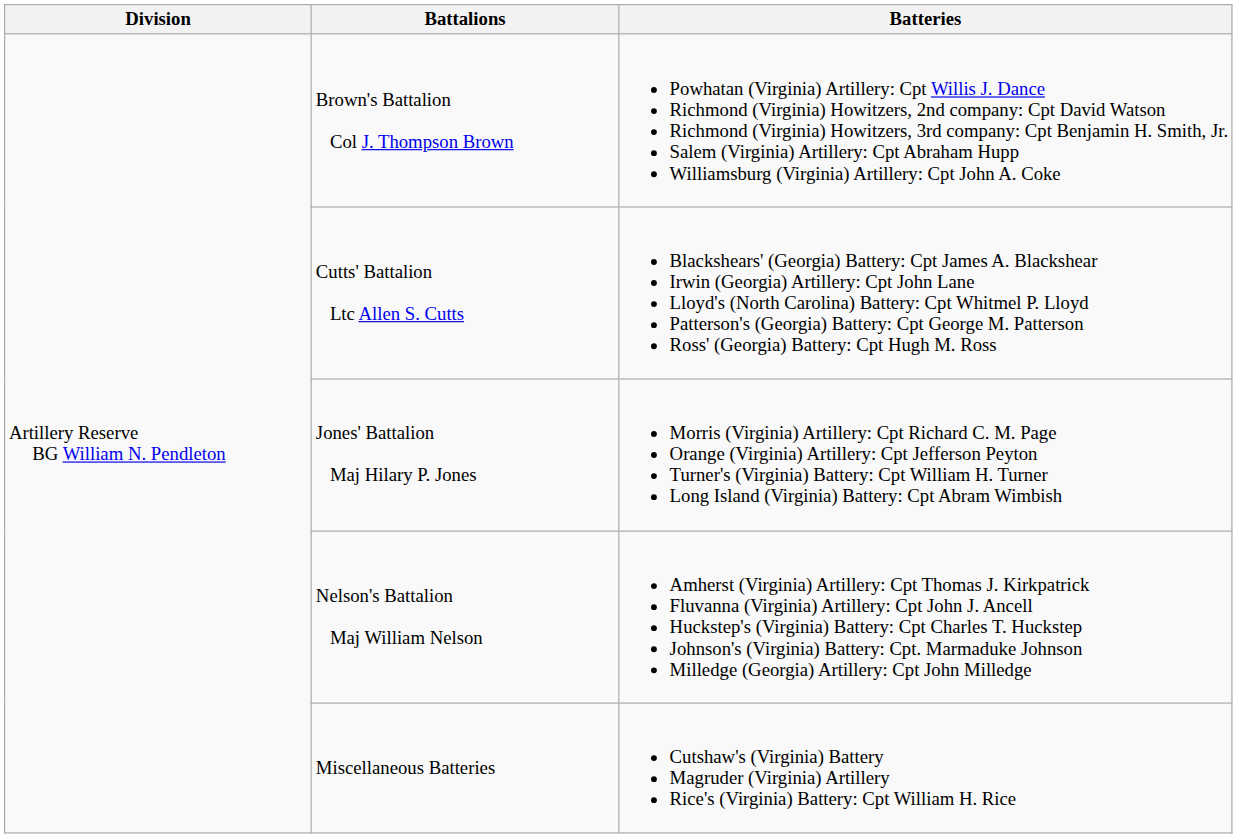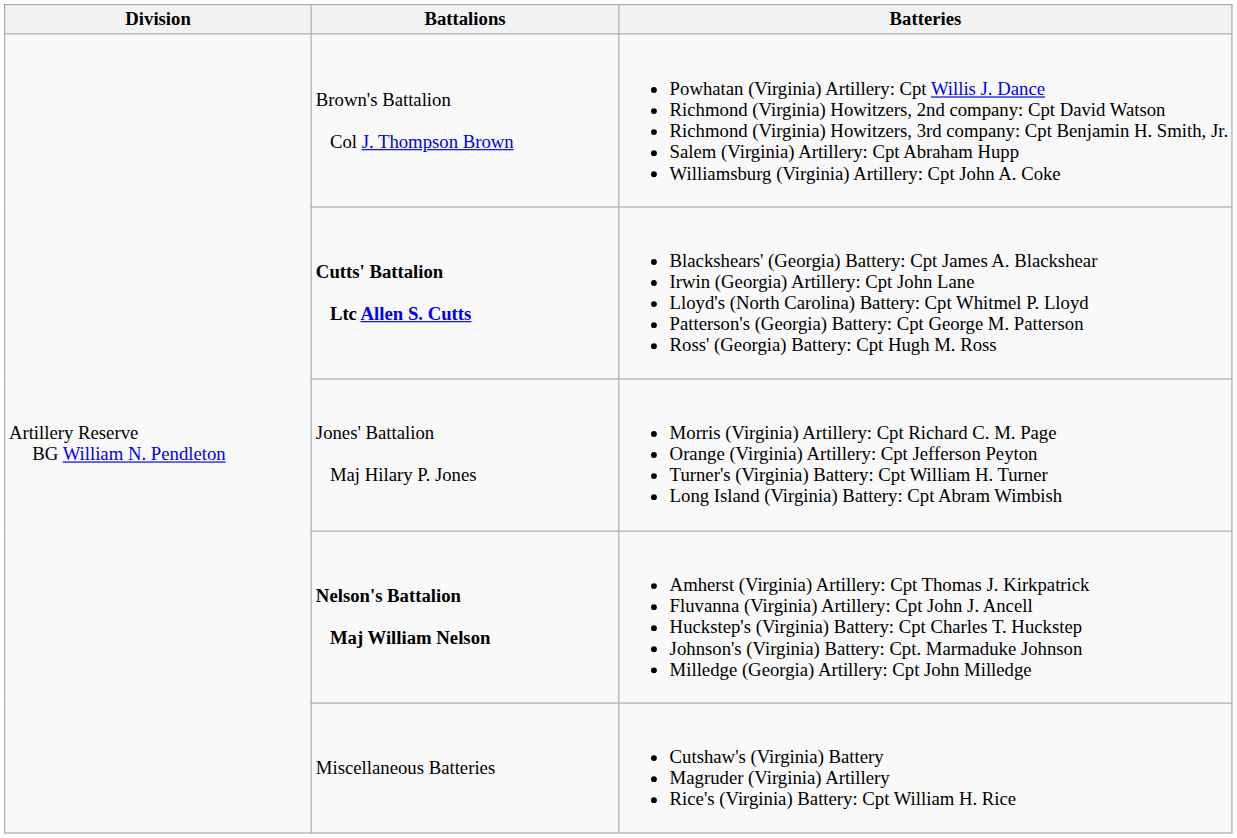 <table class="wikitable">
 <tr>
 <th width=25%>Division</th>
 <th width=25%>Battalions</th>
 <th>Batteries</th>
 </tr>
 <tr>
 <td rowspan=5><br>Artillery Reserve <br>     BG <a href='#'>William N. Pendleton</a></td>
 <td>Brown's Battalion<br><br>   Col <a href='#'>J. Thompson Brown</a></td>
 <td><br><ul><li>Powhatan (Virginia) Artillery: Cpt <a href='#'>Willis J. Dance</a></li><li>Richmond (Virginia) Howitzers, 2nd company: Cpt David Watson</li><li>Richmond (Virginia) Howitzers, 3rd company: Cpt Benjamin H. Smith, Jr.</li><li>Salem (Virginia) Artillery: Cpt Abraham Hupp</li><li>Williamsburg (Virginia) Artillery: Cpt John A. Coke</li></ul></td>
 </tr>
 <tr>
-<td>Cutts' Battalion<br><br>   Ltc <a href='#'>Allen S. Cutts</a></td>
+<td><strong>Cutts' Battalion<br><br>   Ltc <a href='#'>Allen S. Cutts</a></strong></td>
 <td><br><ul><li>Blackshears' (Georgia) Battery: Cpt James A. Blackshear</li><li>Irwin (Georgia) Artillery: Cpt John Lane</li><li>Lloyd's (North Carolina) Battery: Cpt Whitmel P. Lloyd</li><li>Patterson's (Georgia) Battery: Cpt George M. Patterson</li><li>Ross' (Georgia) Battery: Cpt Hugh M. Ross</li></ul></td>
 </tr>
 <tr>
 <td>Jones' Battalion<br><br>   Maj Hilary P. Jones</td>
 <td><br><ul><li>Morris (Virginia) Artillery: Cpt Richard C. M. Page</li><li>Orange (Virginia) Artillery: Cpt Jefferson Peyton</li><li>Turner's (Virginia) Battery: Cpt William H. Turner</li><li>Long Island (Virginia) Battery: Cpt Abram Wimbish</li></ul></td>
 </tr>
 <tr>
-<td>Nelson's Battalion<br><br>   Maj William Nelson</td>
+<td><strong>Nelson's Battalion<br><br>   Maj William Nelson</strong></td>
 <td><br><ul><li>Amherst (Virginia) Artillery: Cpt Thomas J. Kirkpatrick</li><li>Fluvanna (Virginia) Artillery: Cpt John J. Ancell</li><li>Huckstep's (Virginia) Battery: Cpt Charles T. Huckstep</li><li>Johnson's (Virginia) Battery: Cpt. Marmaduke Johnson</li><li>Milledge (Georgia) Artillery: Cpt John Milledge</li></ul></td>
 </tr>
 <tr>
 <td>Miscellaneous Batteries</td>
 <td><br><ul><li>Cutshaw's (Virginia) Battery</li><li>Magruder (Virginia) Artillery</li><li>Rice's (Virginia) Battery: Cpt William H. Rice</li></ul></td>
 </tr>
 </table>
